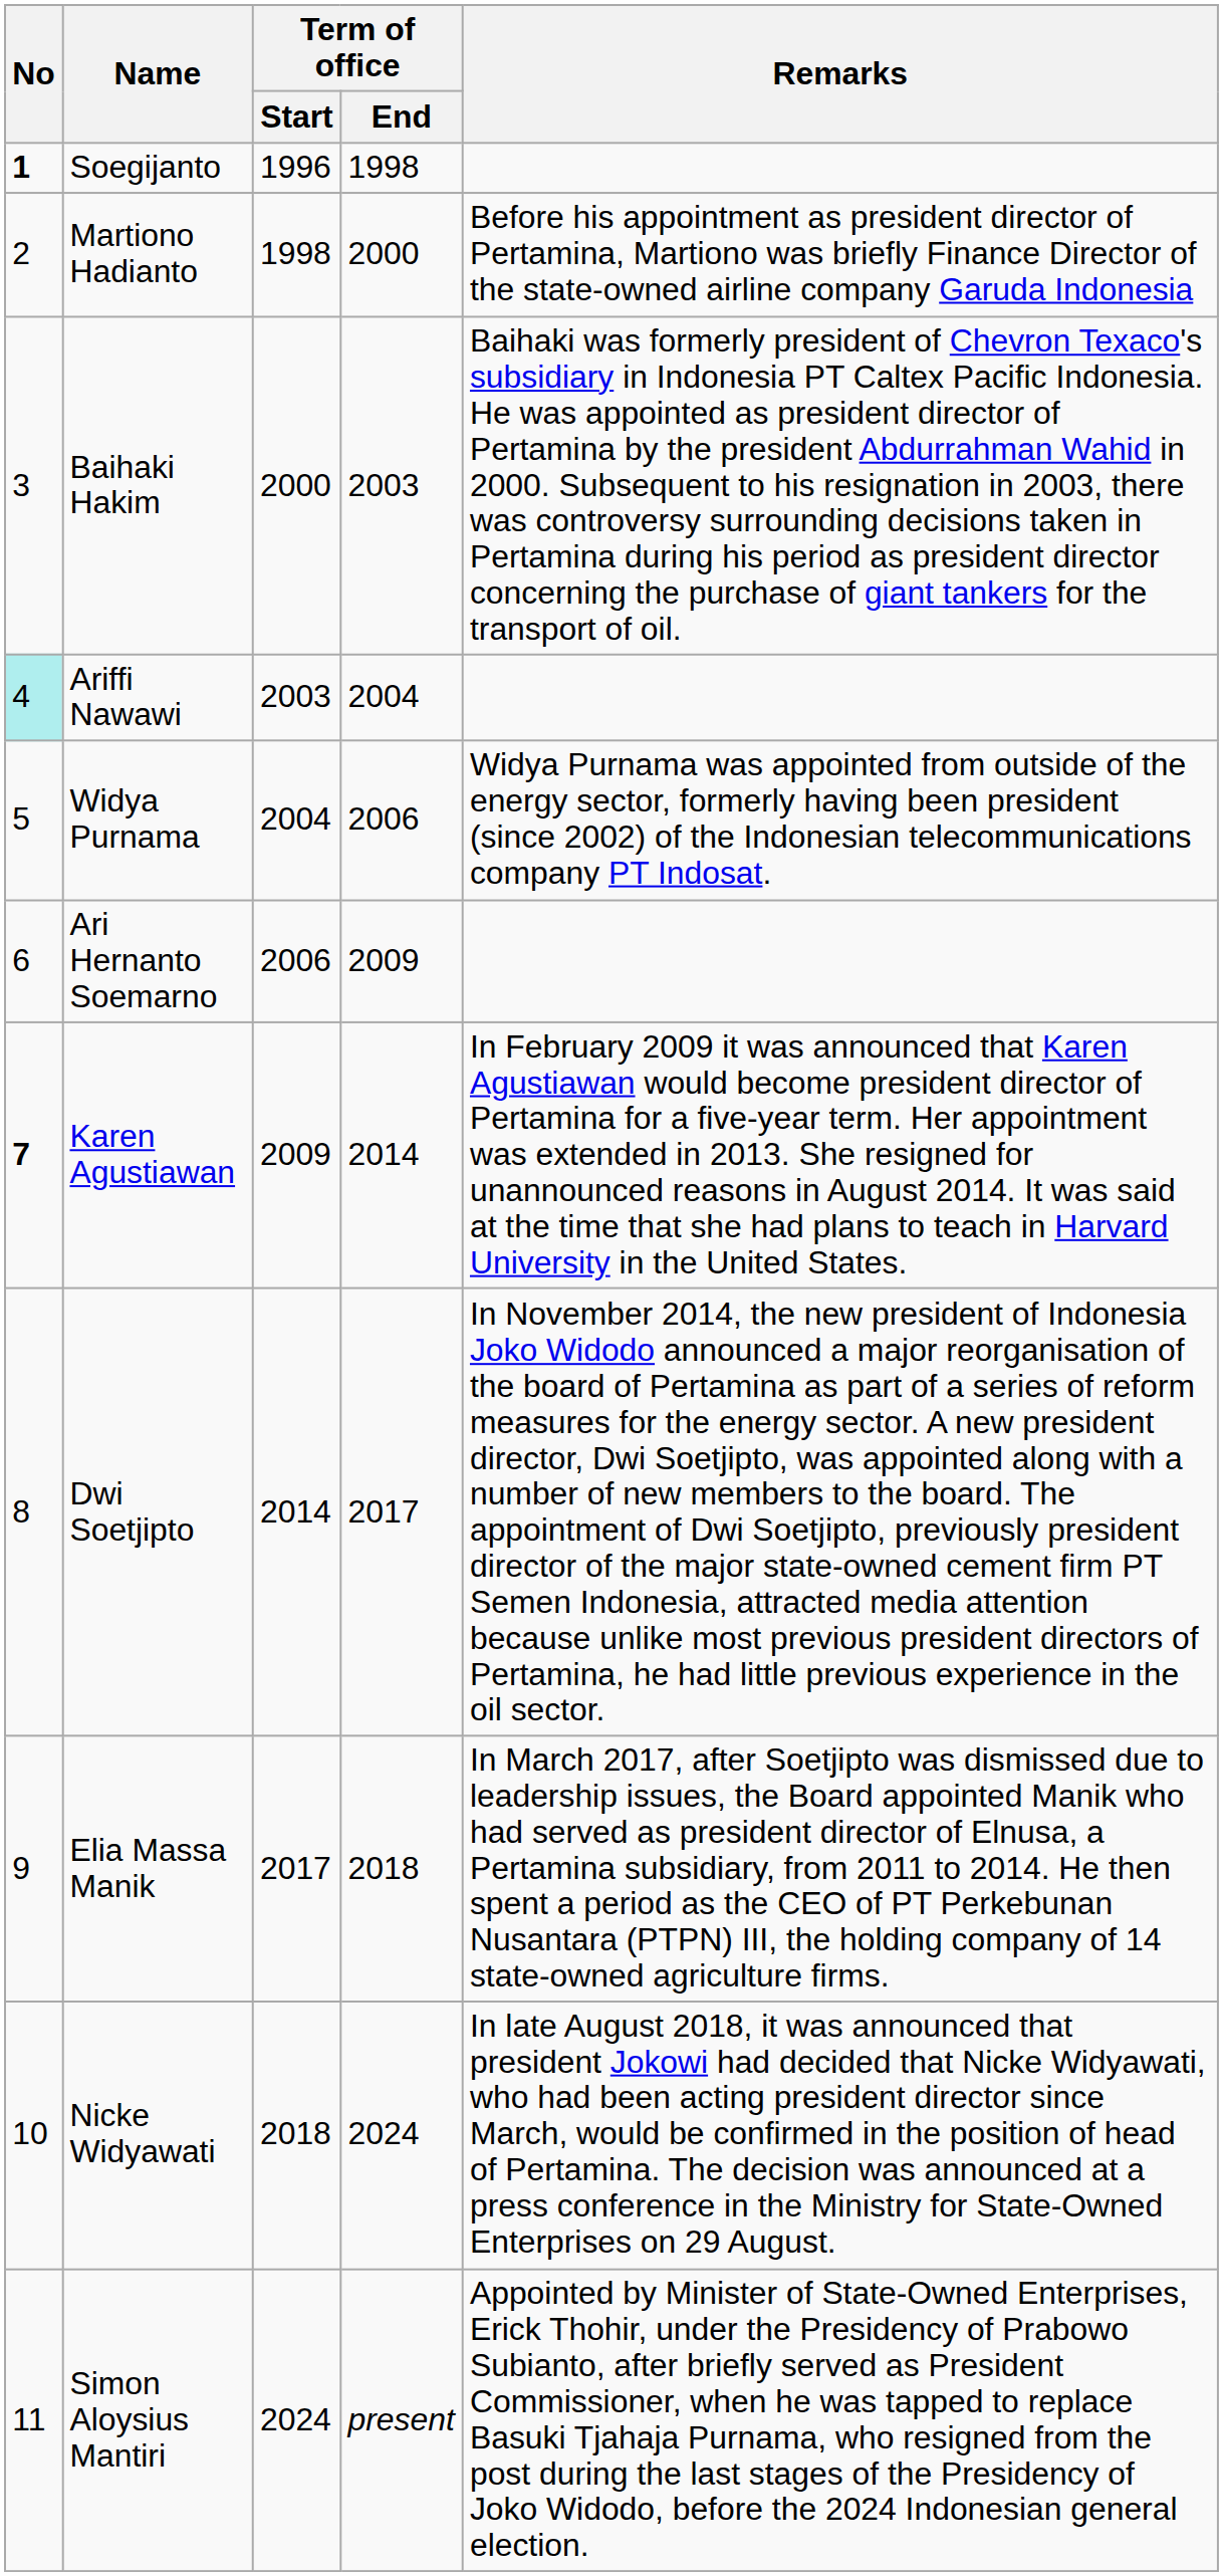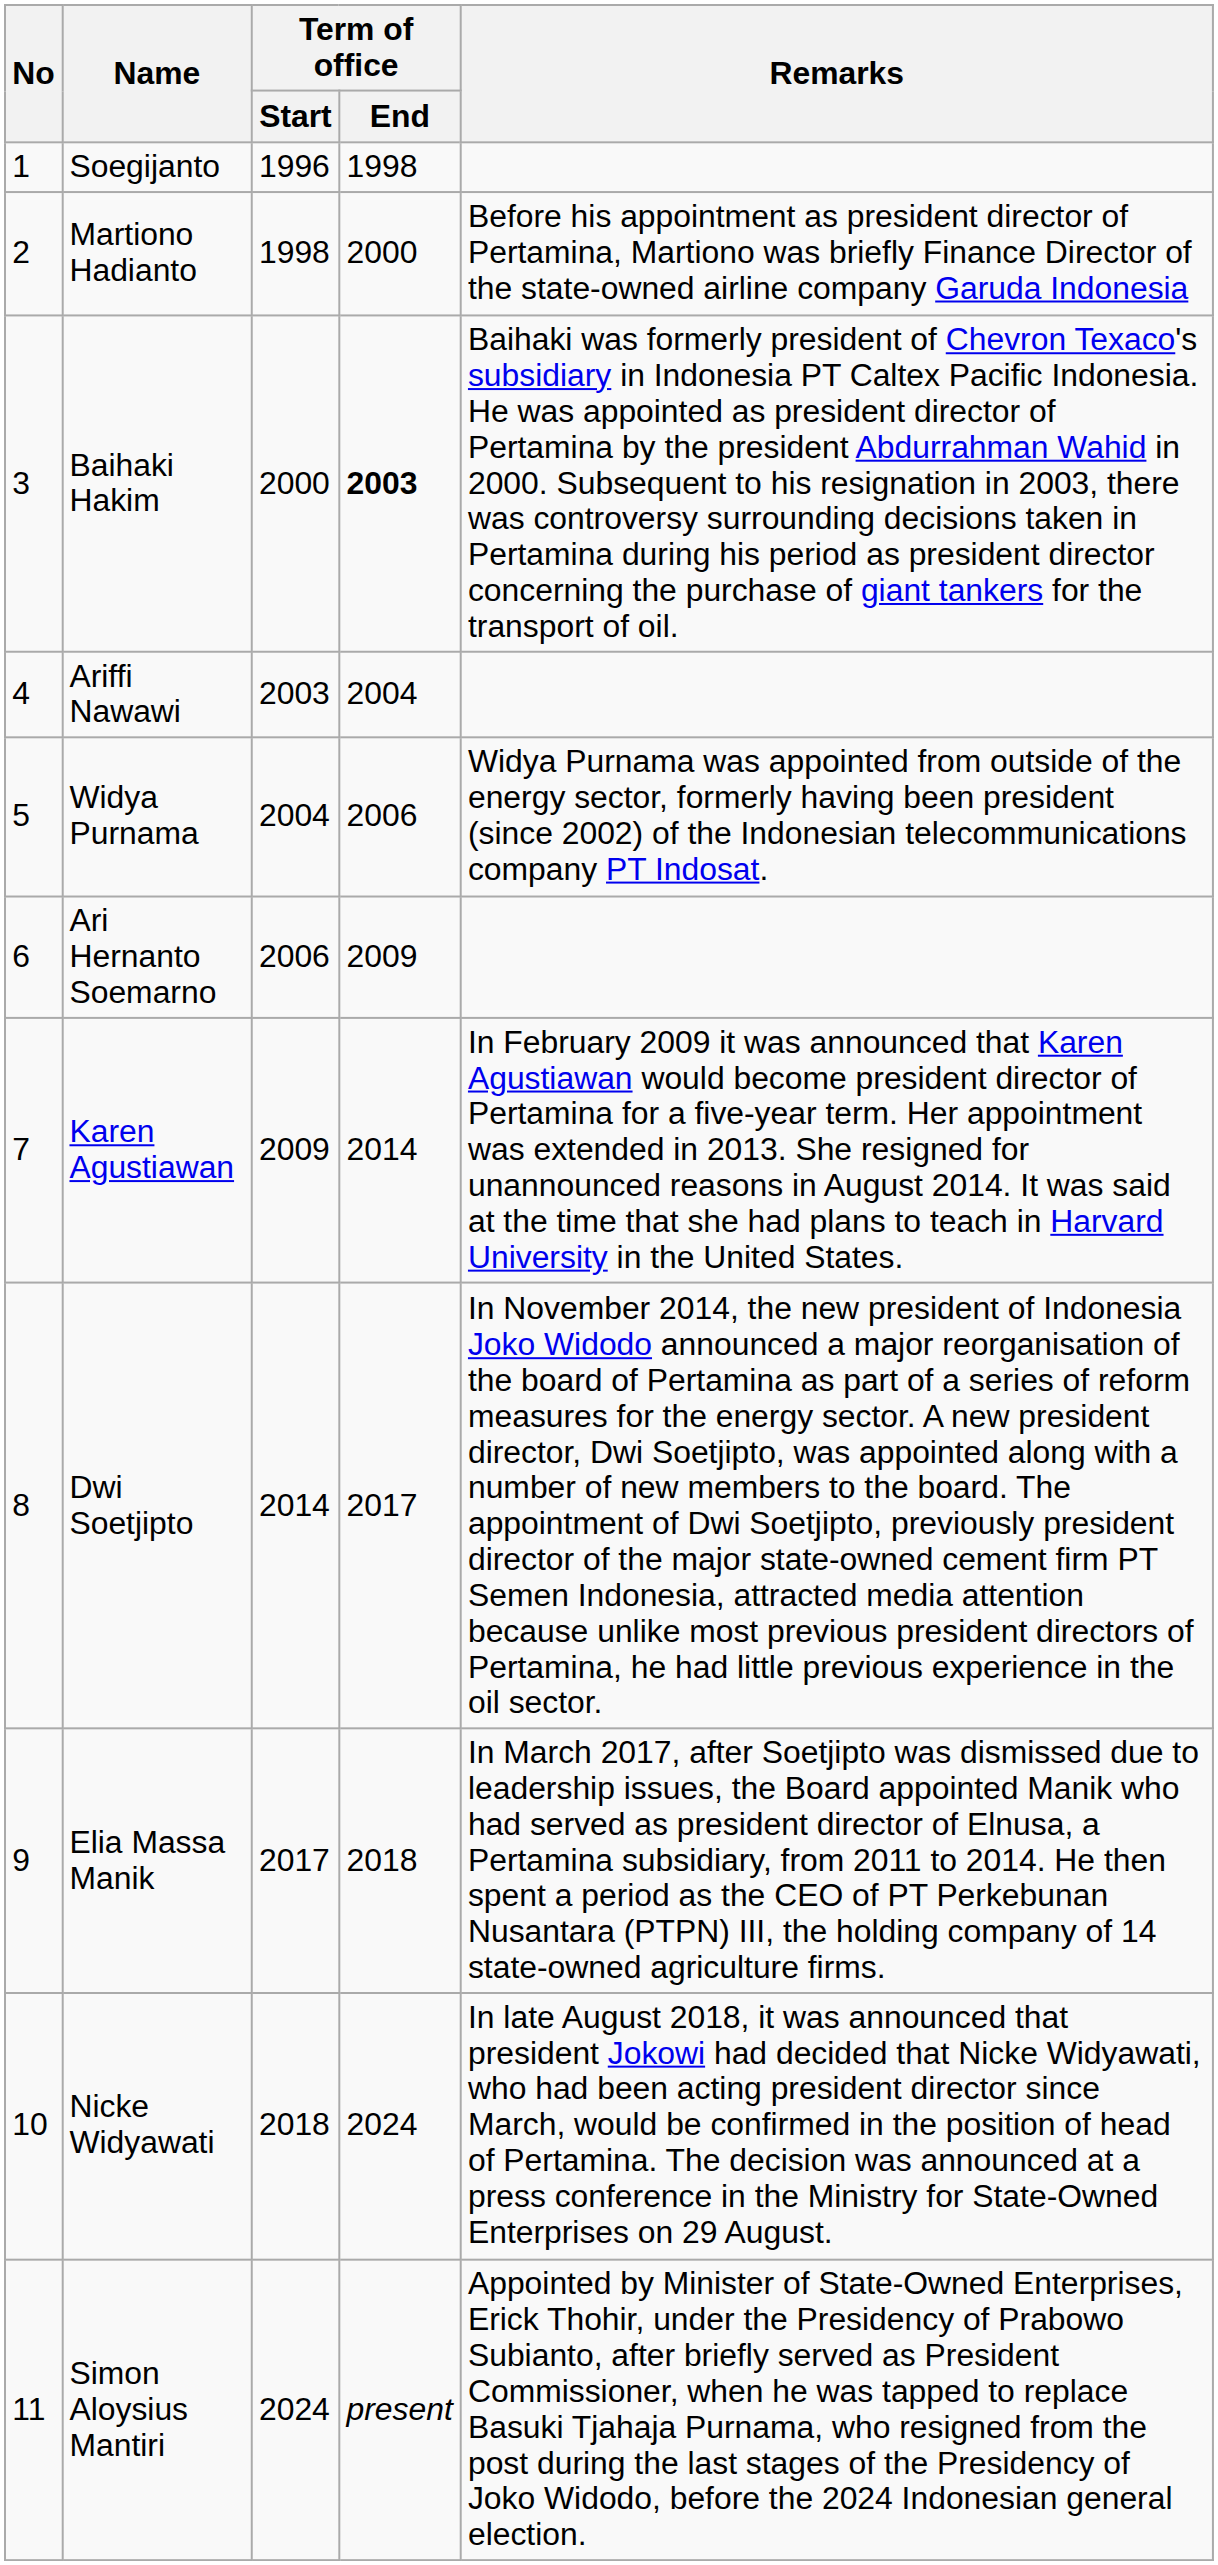 <table class="wikitable">
 <tr>
 <th rowspan="2">No</th>
 <th rowspan="2">Name</th>
 <th colspan="2">Term of office</th>
 <th rowspan="2">Remarks</th>
 </tr>
 <tr>
 <th>Start</th>
 <th>End</th>
 </tr>
 <tr>
-<td><strong>1</strong></td>
+<td>1</td>
 <td>Soegijanto</td>
 <td>1996</td>
 <td>1998</td>
 <td></td>
 </tr>
 <tr>
 <td>2</td>
 <td>Martiono Hadianto</td>
 <td>1998</td>
 <td>2000</td>
 <td>Before his appointment as president director of Pertamina, Martiono was briefly Finance Director of the state-owned airline company <a href='#'>Garuda Indonesia</a></td>
 </tr>
 <tr>
 <td>3</td>
 <td>Baihaki Hakim</td>
 <td>2000</td>
-<td>2003</td>
+<td><strong>2003</strong></td>
 <td>Baihaki was formerly president of <a href='#'>Chevron Texaco</a>'s <a href='#'>subsidiary</a> in Indonesia PT Caltex Pacific Indonesia. He was appointed as president director of Pertamina by the president <a href='#'>Abdurrahman Wahid</a> in 2000. Subsequent to his resignation in 2003, there was controversy surrounding decisions taken in Pertamina during his period as president director concerning the purchase of <a href='#'>giant tankers</a> for the transport of oil.</td>
 </tr>
 <tr>
-<td style="background: paleturquoise;">4</td>
+<td>4</td>
 <td>Ariffi Nawawi</td>
 <td>2003</td>
 <td>2004</td>
 <td></td>
 </tr>
 <tr>
 <td>5</td>
 <td>Widya Purnama</td>
 <td>2004</td>
 <td>2006</td>
 <td>Widya Purnama was appointed from outside of the energy sector, formerly having been president (since 2002) of the Indonesian telecommunications company <a href='#'>PT Indosat</a>.</td>
 </tr>
 <tr>
 <td>6</td>
 <td>Ari Hernanto Soemarno</td>
 <td>2006</td>
 <td>2009</td>
 <td></td>
 </tr>
 <tr>
-<td><strong>7</strong></td>
+<td>7</td>
 <td><a href='#'>Karen Agustiawan</a></td>
 <td>2009</td>
 <td>2014</td>
 <td>In February 2009 it was announced that <a href='#'>Karen Agustiawan</a> would become president director of Pertamina for a five-year term. Her appointment was extended in 2013. She resigned for unannounced reasons in August 2014. It was said at the time that she had plans to teach in <a href='#'>Harvard University</a> in the United States.</td>
 </tr>
 <tr>
 <td>8</td>
 <td>Dwi Soetjipto</td>
 <td>2014</td>
 <td>2017</td>
 <td>In November 2014, the new president of Indonesia <a href='#'>Joko Widodo</a> announced a major reorganisation of the board of Pertamina as part of a series of reform measures for the energy sector. A new president director, Dwi Soetjipto, was appointed along with a number of new members to the board. The appointment of Dwi Soetjipto, previously president director of the major state-owned cement firm PT Semen Indonesia, attracted media attention because unlike most previous president directors of Pertamina, he had little previous experience in the oil sector.</td>
 </tr>
 <tr>
 <td>9</td>
 <td>Elia Massa Manik</td>
 <td>2017</td>
 <td>2018</td>
 <td>In March 2017, after Soetjipto was dismissed due to leadership issues, the Board appointed Manik who had served as president director of Elnusa, a Pertamina subsidiary, from 2011 to 2014. He then spent a period as the CEO of PT Perkebunan Nusantara (PTPN) III, the holding company of 14 state-owned agriculture firms.</td>
 </tr>
 <tr>
 <td>10</td>
 <td>Nicke Widyawati</td>
 <td>2018</td>
 <td>2024</td>
 <td>In late August 2018, it was announced that president <a href='#'>Jokowi</a> had decided that Nicke Widyawati, who had been acting president director since March, would be confirmed in the position of head of Pertamina. The decision was announced at a press conference in the Ministry for State-Owned Enterprises on 29 August.</td>
 </tr>
 <tr>
 <td>11</td>
 <td>Simon Aloysius Mantiri</td>
 <td>2024</td>
 <td><em>present</em></td>
 <td>Appointed by Minister of State-Owned Enterprises, Erick Thohir, under the Presidency of Prabowo Subianto, after briefly served as President Commissioner, when he was tapped to replace Basuki Tjahaja Purnama, who resigned from the post during the last stages of the Presidency of Joko Widodo, before the 2024 Indonesian general election. </td>
 </tr>
 </table>
